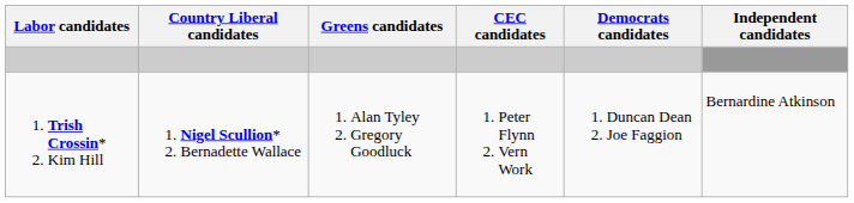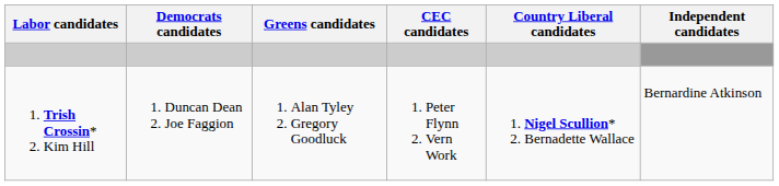 <table class="wikitable">
 <tr>
 <th><a href='#'>Labor</a> candidates</th>
-<th><a href='#'>Country Liberal</a> candidates</th>
+<th><a href='#'>Democrats</a> candidates</th>
 <th><a href='#'>Greens</a> candidates</th>
 <th><a href='#'>CEC</a> candidates</th>
-<th><a href='#'>Democrats</a> candidates</th>
+<th><a href='#'>Country Liberal</a> candidates</th>
 <th>Independent candidates</th>
 </tr>
 <tr style="background:#ccc;">
 <td></td>
 <td></td>
 <td></td>
 <td></td>
 <td></td>
 <td style="background:#999;"> </td>
 </tr>
 <tr>
 <td><br><ol><li><strong><a href='#'>Trish Crossin</a></strong>*</li><li>Kim Hill</li></ol></td>
-<td><br><ol><li><strong><a href='#'>Nigel Scullion</a></strong>*</li><li>Bernadette Wallace</li></ol></td>
+<td valign=top><br><ol><li>Duncan Dean</li><li>Joe Faggion</li></ol></td>
 <td valign=top><br><ol><li>Alan Tyley</li><li>Gregory Goodluck</li></ol></td>
 <td valign=top><br><ol><li>Peter Flynn</li><li>Vern Work</li></ol></td>
-<td valign=top><br><ol><li>Duncan Dean</li><li>Joe Faggion</li></ol></td>
+<td><br><ol><li><strong><a href='#'>Nigel Scullion</a></strong>*</li><li>Bernadette Wallace</li></ol></td>
 <td valign=top><br>Bernardine Atkinson</td>
 </tr>
 </table>
